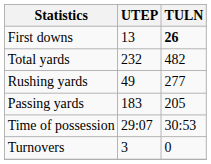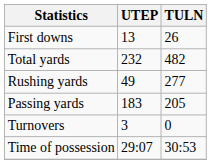 <table class="wikitable">
 <tr>
 <th>Statistics</th>
 <th>UTEP</th>
 <th>TULN</th>
 </tr>
 <tr>
 <td>First downs</td>
 <td>13</td>
-<td><strong>26</strong></td>
+<td>26</td>
 </tr>
 <tr>
 <td>Total yards</td>
 <td>232</td>
 <td>482</td>
 </tr>
 <tr>
 <td>Rushing yards</td>
 <td>49</td>
 <td>277</td>
 </tr>
 <tr>
 <td>Passing yards</td>
 <td>183</td>
 <td>205</td>
 </tr>
 <tr>
+<td>Turnovers</td>
+<td>3</td>
+<td>0</td>
+</tr>
+<tr>
 <td>Time of possession</td>
 <td>29:07</td>
 <td>30:53</td>
 </tr>
 <tr>
-<td>Turnovers</td>
-<td>3</td>
-<td>0</td>
-</tr>
-<tr>
 </tr>
 </table>
